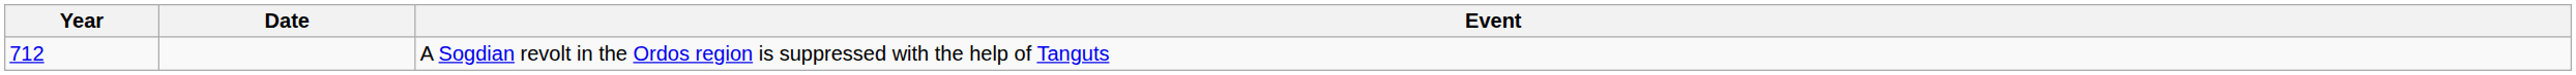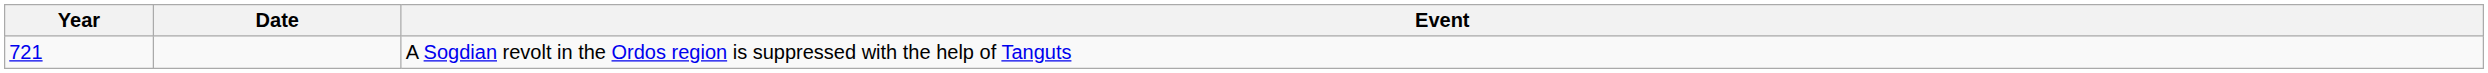 <table class="wikitable" width="100%">
 <tr>
 <th style="width:6%">Year</th>
 <th style="width:10%">Date</th>
 <th>Event</th>
 </tr>
 <tr>
-<td><a href='#'>712</a></td>
+<td><a href='#'>721</a></td>
 <td></td>
 <td>A <a href='#'>Sogdian</a> revolt in the <a href='#'>Ordos region</a> is suppressed with the help of <a href='#'>Tanguts</a></td>
 </tr>
 </table>
